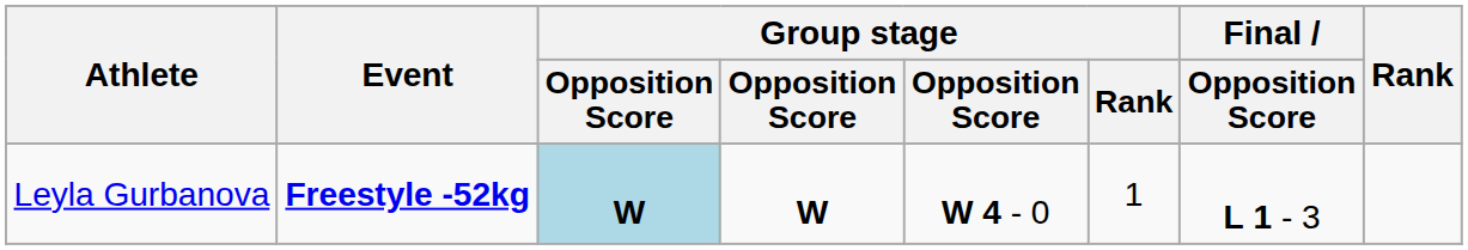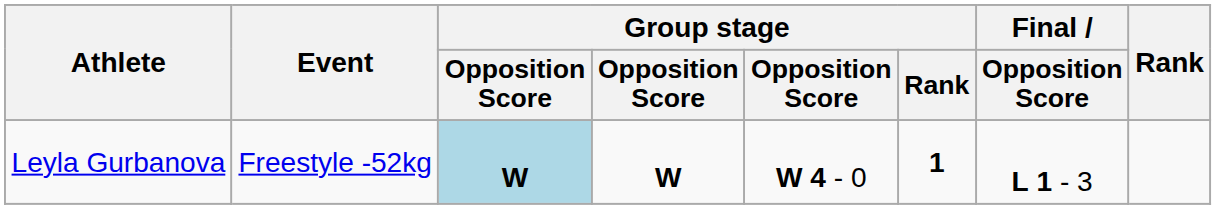 <table class="wikitable" style="font-size:90%">
 <tr>
 <th rowspan=2>Athlete</th>
 <th rowspan=2>Event</th>
 <th colspan=4>Group stage</th>
 <th>Final / </th>
 <th rowspan=2>Rank</th>
 </tr>
 <tr style="font-size:95%">
 <th>Opposition<br>Score</th>
 <th>Opposition<br>Score</th>
 <th>Opposition<br>Score</th>
 <th>Rank</th>
 <th>Opposition<br>Score</th>
 </tr>
 <tr align=center>
 <td align=left><a href='#'>Leyla Gurbanova</a></td>
-<td align=left><strong><a href='#'>Freestyle -52kg</a></strong></td>
+<td align=left><a href='#'>Freestyle -52kg</a></td>
 <td style="background: lightblue;"><br><strong>W</strong></td>
 <td><br><strong>W</strong></td>
 <td><br><strong>W</strong> <strong>4</strong> - 0</td>
-<td>1 </td>
+<td><strong>1 </strong></td>
 <td><br><strong>L</strong> <strong>1</strong> - 3 <sup></sup></td>
 <td></td>
 </tr>
 </table>
